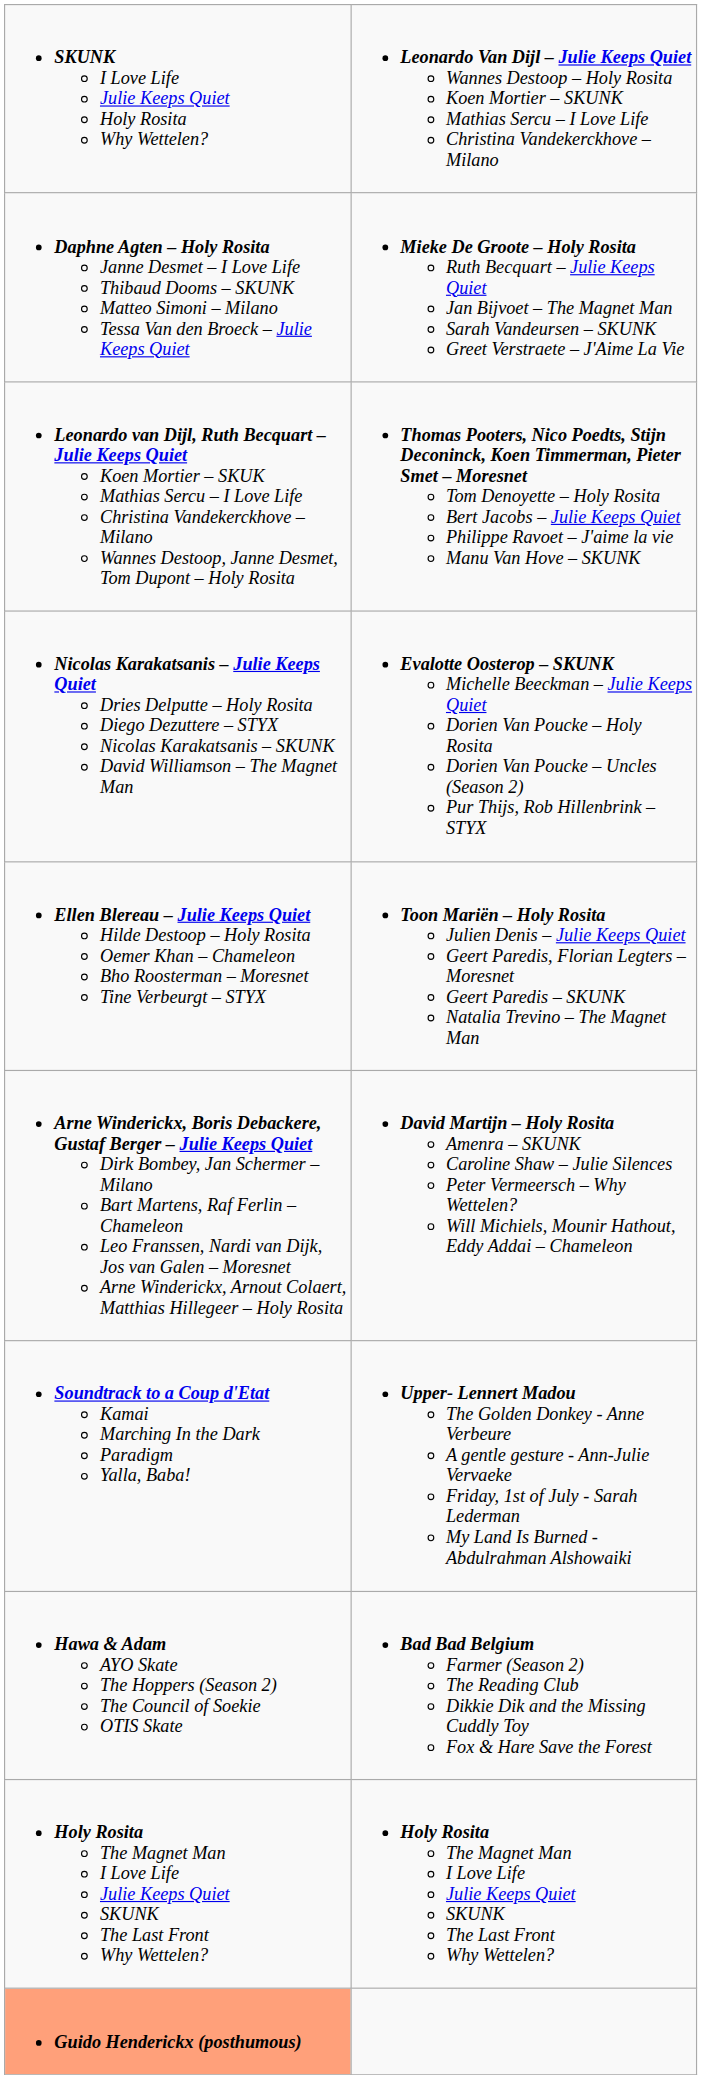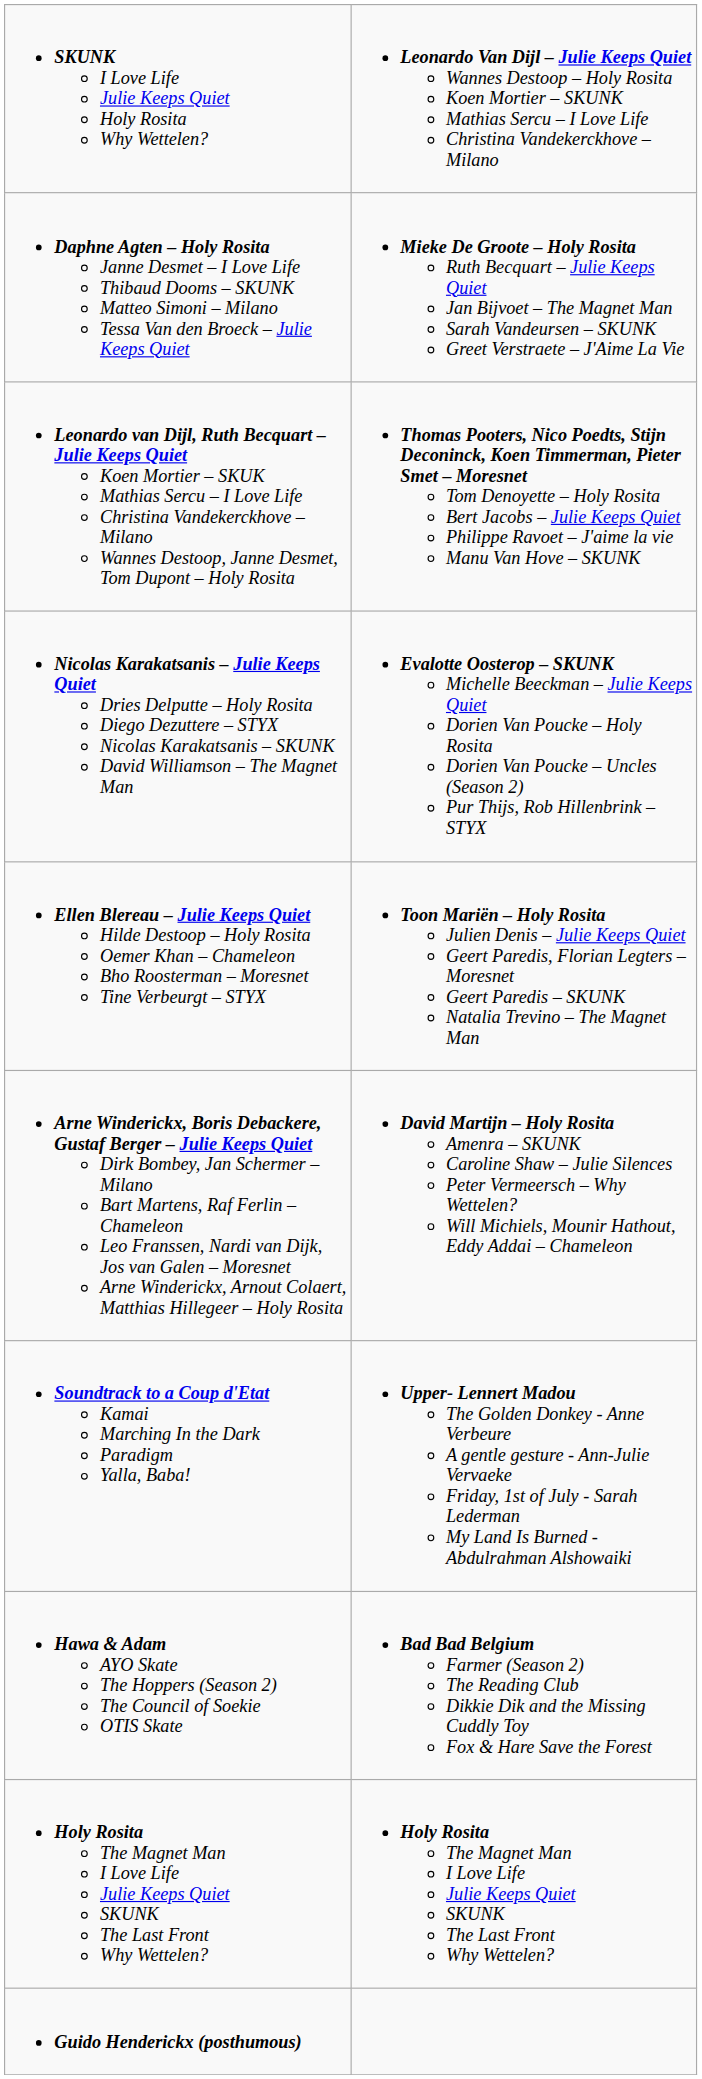 <table class=wikitable>
 <tr>
 <td valign="top" width="50%"><br><ul><li><strong><em>SKUNK</em></strong><ul><li><em>I Love Life</em></li><li><em><a href='#'>Julie Keeps Quiet</a></em></li><li><em>Holy Rosita</em></li><li><em>Why Wettelen?</em></li></ul></li></ul></td>
 <td valign="top" width="50%"><br><ul><li><strong><em>Leonardo Van Dijl – <a href='#'>Julie Keeps Quiet</a></em></strong><ul><li><em>Wannes Destoop – Holy Rosita</em></li><li><em>Koen Mortier – SKUNK</em></li><li><em>Mathias Sercu – I Love Life</em></li><li><em>Christina Vandekerckhove – Milano</em></li></ul></li></ul></td>
 </tr>
 <tr>
 <td valign="top"><br><ul><li><strong><em>Daphne Agten – Holy Rosita</em></strong><ul><li><em>Janne Desmet – I Love Life</em></li><li><em>Thibaud Dooms – SKUNK</em></li><li><em>Matteo Simoni – Milano</em></li><li><em>Tessa Van den Broeck – <a href='#'>Julie Keeps Quiet</a></em></li></ul></li></ul></td>
 <td valign="top"><br><ul><li><strong><em>Mieke De Groote – Holy Rosita</em></strong><ul><li><em>Ruth Becquart – <a href='#'>Julie Keeps Quiet</a></em></li><li><em>Jan Bijvoet – The Magnet Man</em></li><li><em>Sarah Vandeursen – SKUNK</em></li><li><em>Greet Verstraete – J'Aime La Vie</em></li></ul></li></ul></td>
 </tr>
 <tr>
 <td valign="top"><br><ul><li><strong><em>Leonardo van Dijl, Ruth Becquart – <a href='#'>Julie Keeps Quiet</a></em></strong><ul><li><em>Koen Mortier – SKUK</em></li><li><em>Mathias Sercu – I Love Life</em></li><li><em>Christina Vandekerckhove – Milano</em></li><li><em>Wannes Destoop, Janne Desmet, Tom Dupont – Holy Rosita</em></li></ul></li></ul></td>
 <td valign="top"><br><ul><li><strong><em>Thomas Pooters, Nico Poedts, Stijn Deconinck, Koen Timmerman, Pieter Smet – Moresnet</em></strong><ul><li><em>Tom Denoyette – Holy Rosita</em></li><li><em>Bert Jacobs – <a href='#'>Julie Keeps Quiet</a></em></li><li><em>Philippe Ravoet – J'aime la vie</em></li><li><em>Manu Van Hove – SKUNK</em></li></ul></li></ul></td>
 </tr>
 <tr>
 <td valign="top"><br><ul><li><strong><em>Nicolas Karakatsanis – <a href='#'>Julie Keeps Quiet</a></em></strong><ul><li><em>Dries Delputte – Holy Rosita</em></li><li><em>Diego Dezuttere – STYX</em></li><li><em>Nicolas Karakatsanis – SKUNK</em></li><li><em>David Williamson – The Magnet Man</em></li></ul></li></ul></td>
 <td valign="top"><br><ul><li><strong><em>Evalotte Oosterop – SKUNK</em></strong><ul><li><em>Michelle Beeckman – <a href='#'>Julie Keeps Quiet</a></em></li><li><em>Dorien Van Poucke – Holy Rosita</em></li><li><em>Dorien Van Poucke – Uncles (Season 2)</em></li><li><em>Pur Thijs, Rob Hillenbrink – STYX</em></li></ul></li></ul></td>
 </tr>
 <tr>
 <td valign="top"><br><ul><li><strong><em>Ellen Blereau – <a href='#'>Julie Keeps Quiet</a></em></strong><ul><li><em>Hilde Destoop – Holy Rosita</em></li><li><em>Oemer Khan – Chameleon</em></li><li><em>Bho Roosterman – Moresnet</em></li><li><em>Tine Verbeurgt – STYX</em></li></ul></li></ul></td>
 <td valign="top"><br><ul><li><strong><em>Toon Mariën – Holy Rosita</em></strong><ul><li><em>Julien Denis – <a href='#'>Julie Keeps Quiet</a></em></li><li><em>Geert Paredis, Florian Legters – Moresnet</em></li><li><em>Geert Paredis – SKUNK</em></li><li><em>Natalia Trevino – The Magnet Man</em></li></ul></li></ul></td>
 </tr>
 <tr>
 <td valign="top"><br><ul><li><strong><em>Arne Winderickx, Boris Debackere, Gustaf Berger – <a href='#'>Julie Keeps Quiet</a></em></strong><ul><li><em>Dirk Bombey, Jan Schermer – Milano</em></li><li><em>Bart Martens, Raf Ferlin – Chameleon</em></li><li><em>Leo Franssen, Nardi van Dijk, Jos van Galen – Moresnet</em></li><li><em>Arne Winderickx, Arnout Colaert, Matthias Hillegeer – Holy Rosita</em></li></ul></li></ul></td>
 <td valign="top"><br><ul><li><strong><em>David Martijn – Holy Rosita</em></strong><ul><li><em>Amenra – SKUNK</em></li><li><em>Caroline Shaw – Julie Silences</em></li><li><em>Peter Vermeersch – Why Wettelen?</em></li><li><em>Will Michiels, Mounir Hathout, Eddy Addai – Chameleon</em></li></ul></li></ul></td>
 </tr>
 <tr>
 <td valign="top"><br><ul><li><strong><em><a href='#'>Soundtrack to a Coup d'Etat</a></em></strong><ul><li><em>Kamai</em></li><li><em>Marching In the Dark</em></li><li><em>Paradigm</em></li><li><em>Yalla, Baba!</em></li></ul></li></ul></td>
 <td valign="top"><br><ul><li><strong><em>Upper- Lennert Madou</em></strong><ul><li><em>The Golden Donkey - Anne Verbeure</em></li><li><em>A gentle gesture - Ann-Julie Vervaeke</em></li><li><em>Friday, 1st of July - Sarah Lederman</em></li><li><em>My Land Is Burned - Abdulrahman Alshowaiki</em></li></ul></li></ul></td>
 </tr>
 <tr>
 <td valign="top"><br><ul><li><strong><em>Hawa & Adam</em></strong><ul><li><em>AYO Skate</em></li><li><em>The Hoppers (Season 2)</em></li><li><em>The Council of Soekie</em></li><li><em>OTIS Skate</em></li></ul></li></ul></td>
 <td valign="top"><br><ul><li><strong><em>Bad Bad Belgium</em></strong><ul><li><em>Farmer (Season 2)</em></li><li><em>The Reading Club</em></li><li><em>Dikkie Dik and the Missing Cuddly Toy</em></li><li><em>Fox & Hare Save the Forest</em></li></ul></li></ul></td>
 </tr>
 <tr>
 <td valign="top"><br><ul><li><strong><em>Holy Rosita</em></strong><ul><li><em>The Magnet Man</em></li><li><em>I Love Life</em></li><li><em><a href='#'>Julie Keeps Quiet</a></em></li><li><em>SKUNK</em></li><li><em>The Last Front</em></li><li><em>Why Wettelen?</em></li></ul></li></ul></td>
 <td valign="top"><br><ul><li><strong><em>Holy Rosita</em></strong><ul><li><em>The Magnet Man</em></li><li><em>I Love Life</em></li><li><em><a href='#'>Julie Keeps Quiet</a></em></li><li><em>SKUNK</em></li><li><em>The Last Front</em></li><li><em>Why Wettelen?</em></li></ul></li></ul></td>
 </tr>
 <tr>
-<td valign="top" style="background: lightsalmon;"><br><ul><li><strong><em>Guido Henderickx (posthumous)</em></strong></li></ul></td>
+<td valign="top"><br><ul><li><strong><em>Guido Henderickx (posthumous)</em></strong></li></ul></td>
 </tr>
 </table>
